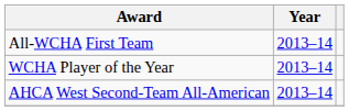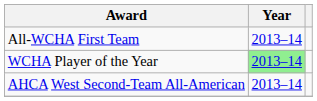 <table class="wikitable">
 <tr>
 <th>Award</th>
 <th>Year</th>
 <th></th>
 </tr>
 <tr>
 <td>All-<a href='#'>WCHA</a> <a href='#'>First Team</a></td>
 <td><a href='#'>2013–14</a></td>
 <td></td>
 </tr>
 <tr>
 <td><a href='#'>WCHA</a> Player of the Year</td>
-<td><a href='#'>2013–14</a></td>
+<td style="background: lightgreen;"><a href='#'>2013–14</a></td>
 <td></td>
 </tr>
 <tr>
 <td><a href='#'>AHCA</a> <a href='#'>West Second-Team All-American</a></td>
 <td><a href='#'>2013–14</a></td>
 <td></td>
 </tr>
 <tr>
 </tr>
 </table>
